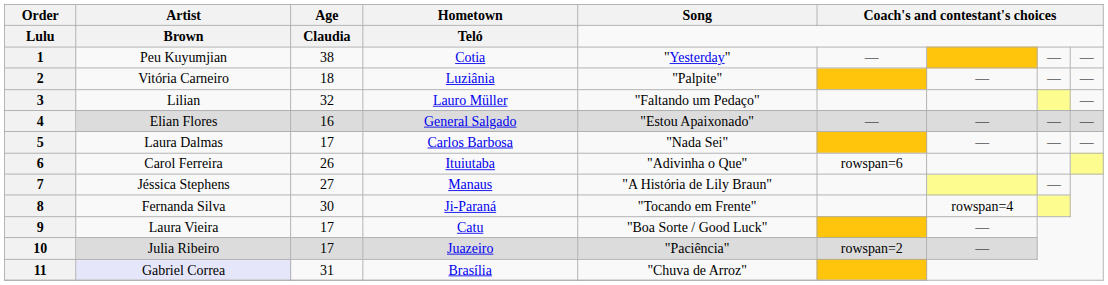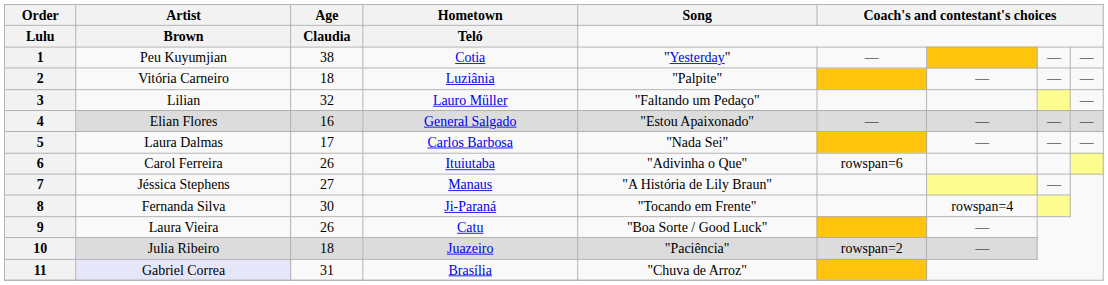 <table class="wikitable" style="text-align:center; line-height:17px; width:100%;">
 <tr>
 <th scope="col" rowspan="2" style="width:04%;">Order</th>
 <th scope="col" rowspan="2" style="width:18%;">Artist</th>
 <th scope="col" rowspan="2" style="width:05%;">Age</th>
 <th scope="col" rowspan="2" style="width:18%;">Hometown</th>
 <th scope="col" rowspan="2" style="width:20%;">Song</th>
 <th scope="col" colspan="4" style="width:24%;">Coach's and contestant's choices</th>
 </tr>
 <tr>
 </tr>
 <tr>
 <th style="width:06%;">Lulu</th>
 <th style="width:06%;">Brown</th>
 <th style="width:06%;">Claudia</th>
 <th style="width:06%;">Teló</th>
 </tr>
 <tr>
 <th>1</th>
 <td>Peu Kuyumjian</td>
 <td>38</td>
 <td><a href='#'>Cotia</a></td>
 <td>"<a href='#'>Yesterday</a>"</td>
 <td>—</td>
 <td bgcolor="FFC40C"><strong></strong></td>
 <td>—</td>
 <td>—</td>
 </tr>
 <tr>
 <th>2</th>
 <td>Vitória Carneiro</td>
 <td>18</td>
 <td><a href='#'>Luziânia</a></td>
 <td>"Palpite"</td>
 <td bgcolor="FFC40C"><strong></strong></td>
 <td>—</td>
 <td>—</td>
 <td>—</td>
 </tr>
 <tr>
 <th>3</th>
 <td>Lilian</td>
 <td>32</td>
 <td><a href='#'>Lauro Müller</a></td>
 <td>"Faltando um Pedaço"</td>
 <td><strong></strong></td>
 <td><strong></strong></td>
 <td bgcolor="FDFC8F"><strong></strong></td>
 <td>—</td>
 </tr>
 <tr bgcolor="DCDCDC">
 <th>4</th>
 <td>Elian Flores</td>
 <td>16</td>
 <td><a href='#'>General Salgado</a></td>
 <td>"Estou Apaixonado"</td>
 <td>—</td>
 <td>—</td>
 <td>—</td>
 <td>—</td>
 </tr>
 <tr>
 <th>5</th>
 <td>Laura Dalmas</td>
 <td>17</td>
 <td><a href='#'>Carlos Barbosa</a></td>
 <td>"Nada Sei"</td>
 <td bgcolor="FFC40C"><strong></strong></td>
 <td>—</td>
 <td>—</td>
 <td>—</td>
 </tr>
 <tr>
 <th>6</th>
 <td>Carol Ferreira</td>
 <td>26</td>
 <td><a href='#'>Ituiutaba</a></td>
 <td>"Adivinha o Que"</td>
 <td>rowspan=6 </td>
 <td><strong></strong></td>
 <td><strong></strong></td>
 <td bgcolor="FDFC8F"><strong></strong></td>
 </tr>
 <tr>
 <th>7</th>
 <td>Jéssica Stephens</td>
 <td>27</td>
 <td><a href='#'>Manaus</a></td>
 <td>"A História de Lily Braun"</td>
 <td><strong></strong></td>
 <td bgcolor="FDFC8F"><strong></strong></td>
 <td>—</td>
 </tr>
 <tr>
 <th>8</th>
 <td>Fernanda Silva</td>
 <td>30</td>
 <td><a href='#'>Ji-Paraná</a></td>
 <td>"Tocando em Frente"</td>
 <td><strong></strong></td>
 <td>rowspan=4 </td>
 <td bgcolor="FDFC8F"><strong></strong></td>
 </tr>
 <tr>
 <th>9</th>
 <td>Laura Vieira</td>
-<td>17</td>
+<td>26</td>
 <td><a href='#'>Catu</a></td>
 <td>"Boa Sorte / Good Luck"</td>
 <td bgcolor="FFC40C"><strong></strong></td>
 <td>—</td>
 </tr>
 <tr bgcolor="DCDCDC">
 <th>10</th>
 <td>Julia Ribeiro</td>
-<td>17</td>
+<td>18</td>
 <td><a href='#'>Juazeiro</a></td>
 <td>"Paciência"</td>
 <td>rowspan=2 </td>
 <td>—</td>
 </tr>
 <tr>
 <th>11</th>
 <td style="background: lavender;">Gabriel Correa</td>
 <td>31</td>
 <td><a href='#'>Brasília</a></td>
 <td>"Chuva de Arroz"</td>
 <td bgcolor="FFC40C"><strong></strong></td>
 </tr>
 <tr>
 </tr>
 </table>
